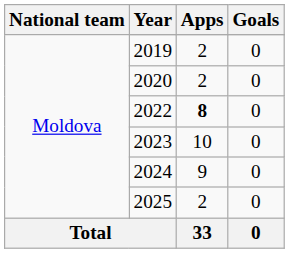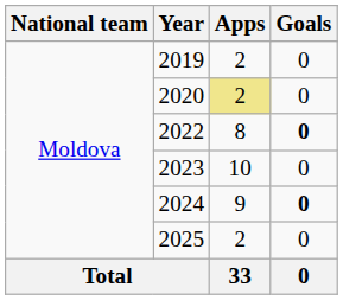 <table class="wikitable" style="text-align:center">
 <tr>
 <th>National team</th>
 <th>Year</th>
 <th>Apps</th>
 <th>Goals</th>
 </tr>
 <tr>
 <td rowspan=7><a href='#'>Moldova</a></td>
 </tr>
 <tr>
 <td>2019</td>
 <td>2</td>
 <td>0</td>
 </tr>
 <tr>
 <td>2020</td>
-<td>2</td>
+<td style="background: khaki;">2</td>
 <td>0</td>
 </tr>
 <tr>
 <td>2022</td>
-<td><strong>8</strong></td>
-<td>0</td>
+<td>8</td>
+<td><strong>0</strong></td>
 </tr>
 <tr>
 <td>2023</td>
 <td>10</td>
 <td>0</td>
 </tr>
 <tr>
 <td>2024</td>
 <td>9</td>
-<td>0</td>
+<td><strong>0</strong></td>
 </tr>
 <tr>
 <td>2025</td>
 <td>2</td>
 <td>0</td>
 </tr>
 <tr>
 <th colspan="2">Total</th>
 <th>33</th>
 <th>0</th>
 </tr>
 </table>
